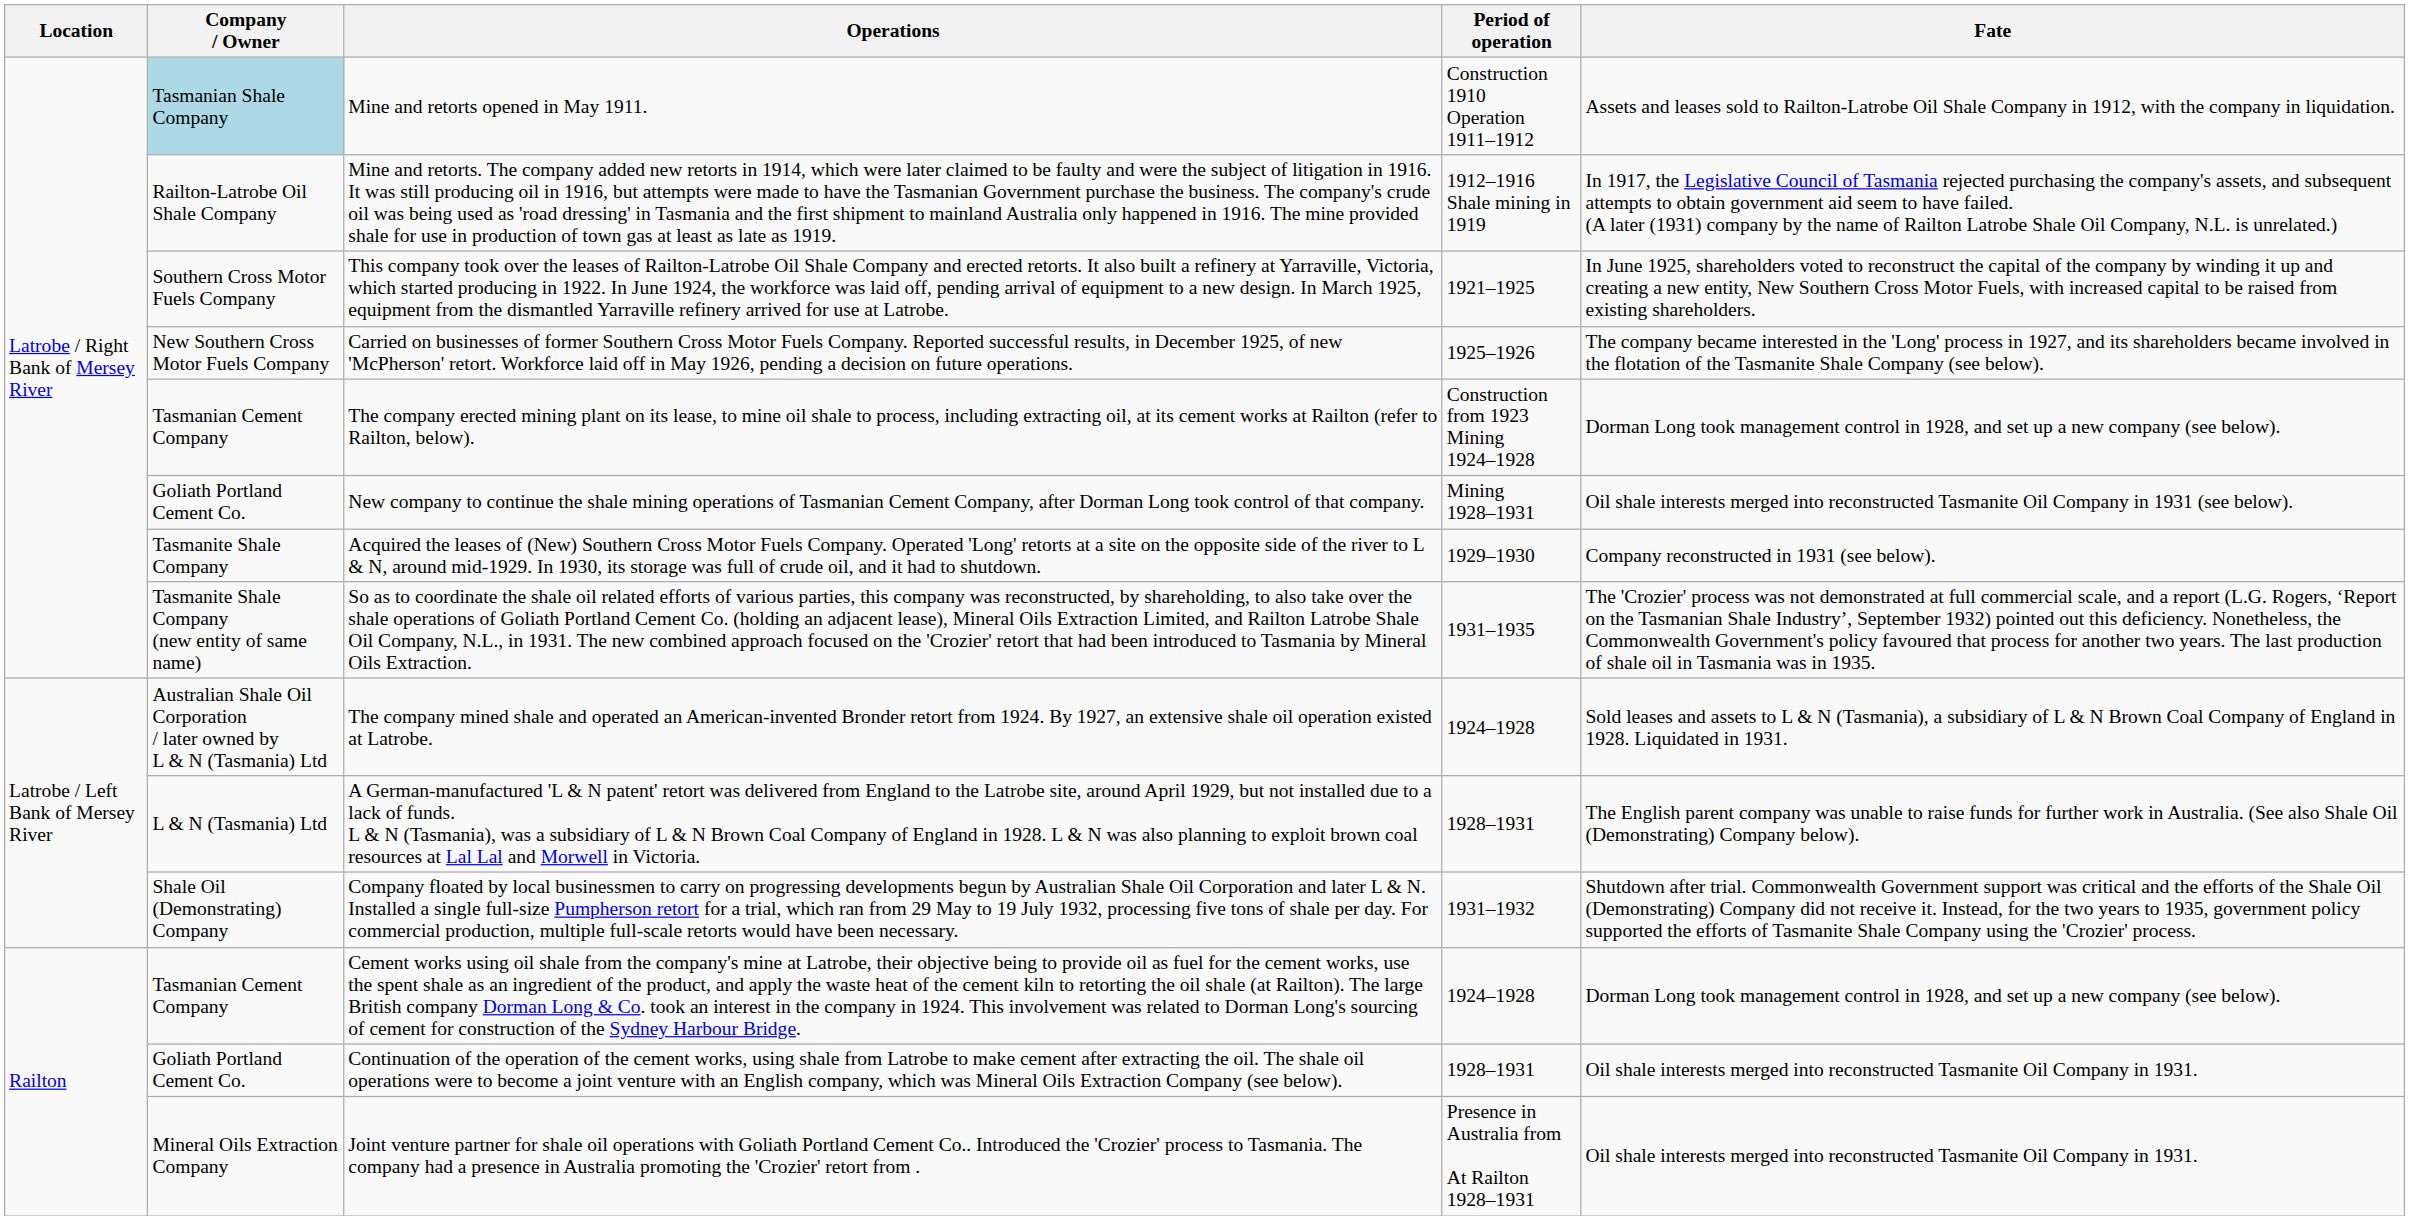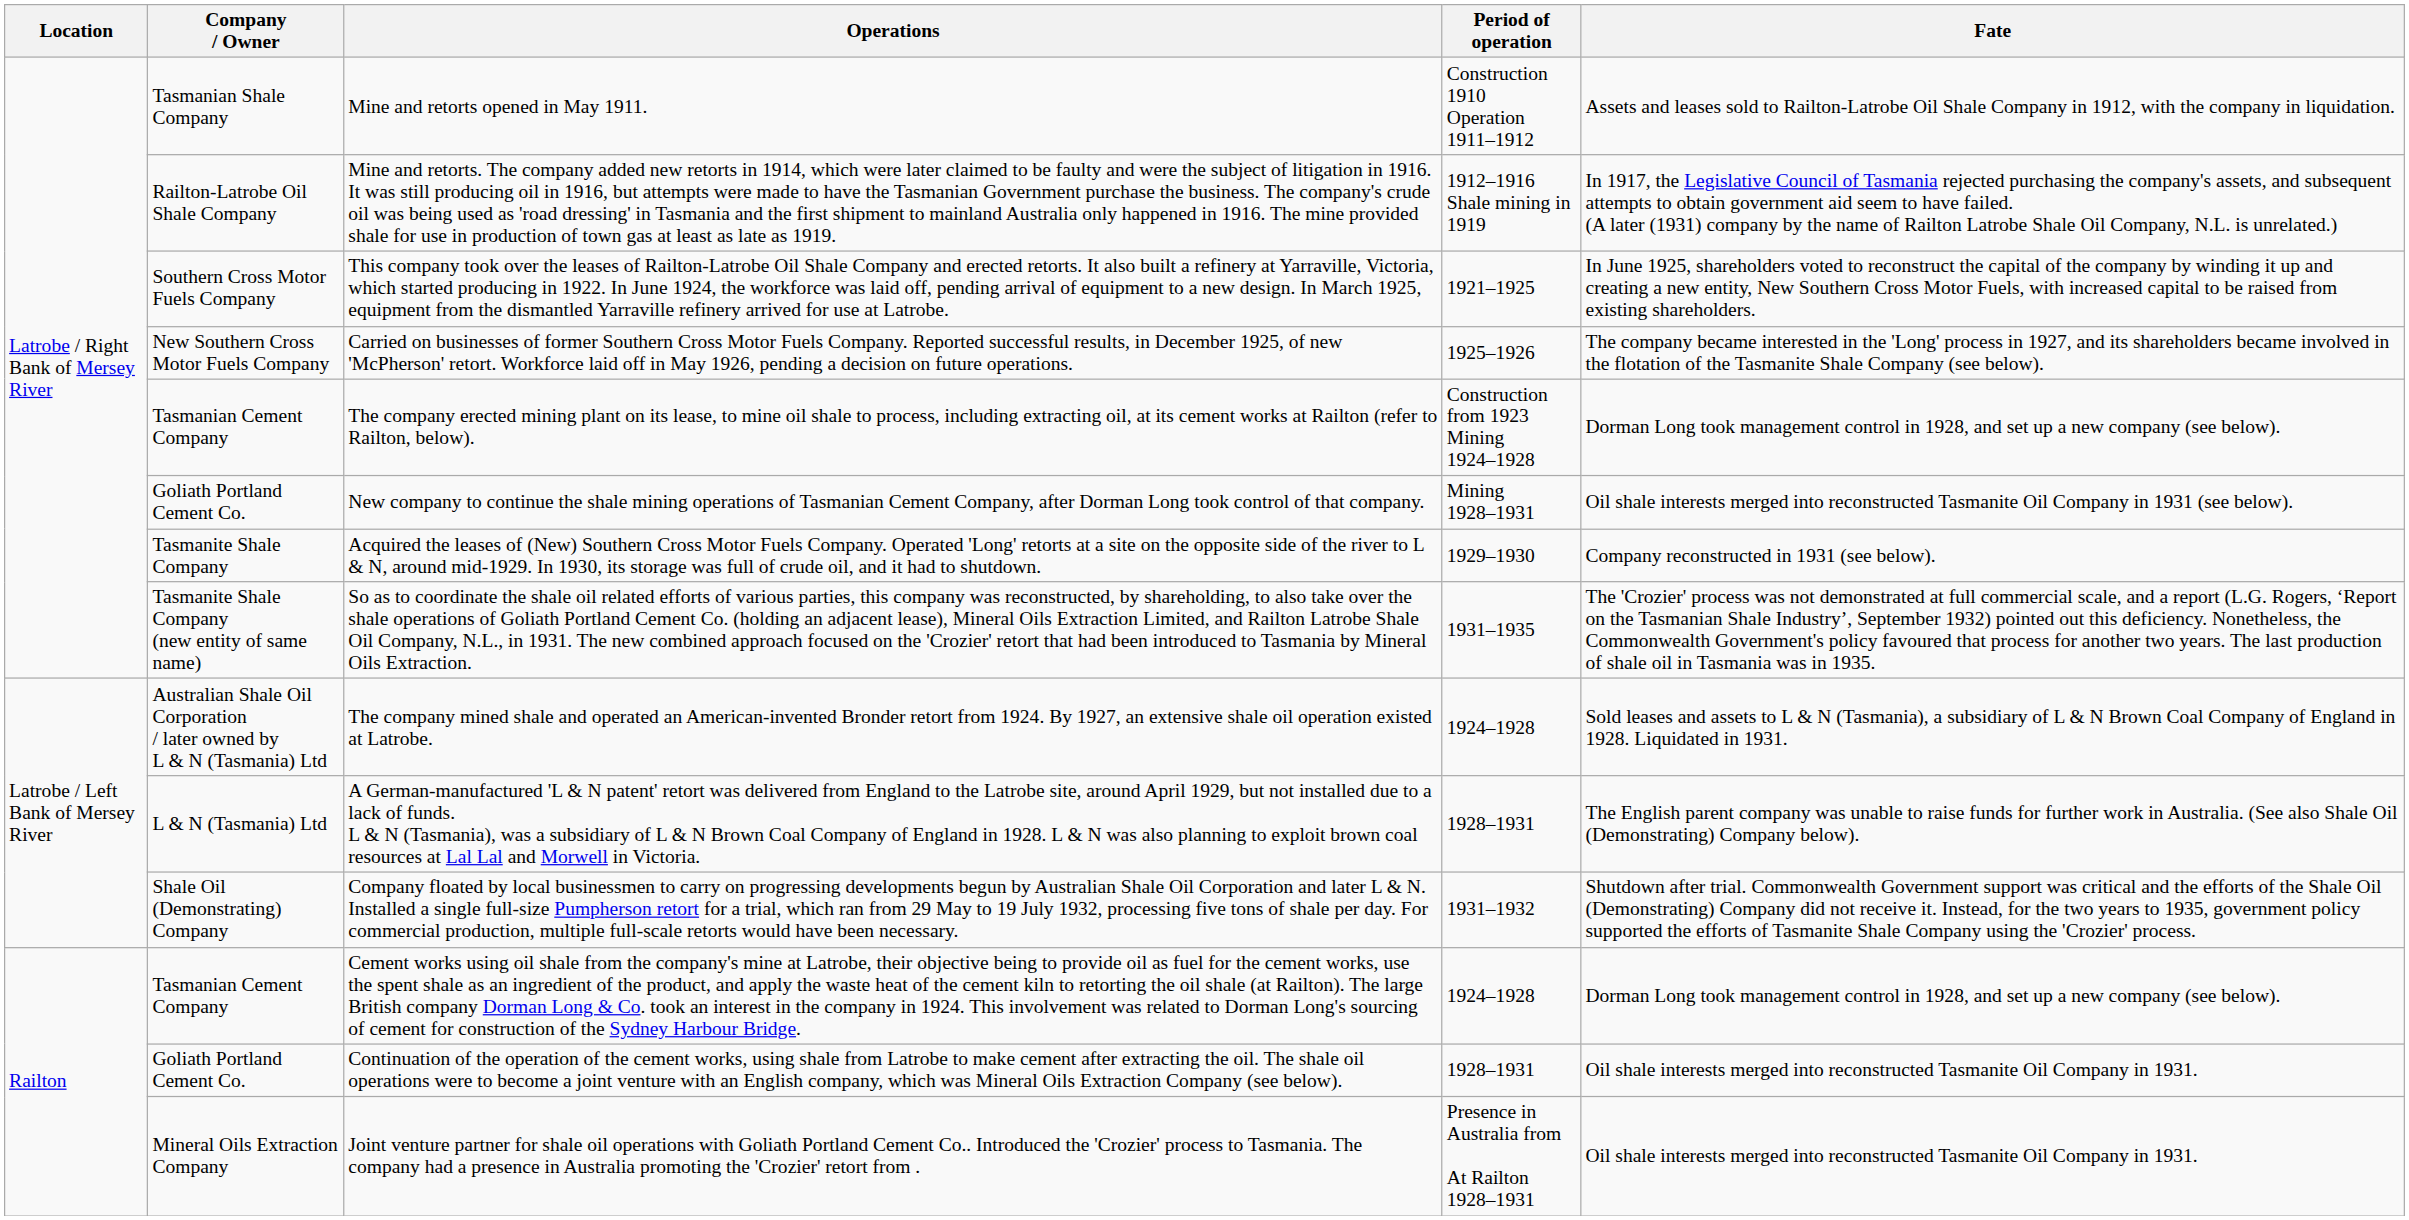 <table class="wikitable">
 <tr>
 <th>Location</th>
 <th>Company<br>/ Owner</th>
 <th>Operations</th>
 <th>Period of<br>operation</th>
 <th>Fate</th>
 </tr>
 <tr>
 <td rowspan="8"><a href='#'>Latrobe</a> / Right Bank of <a href='#'>Mersey River</a></td>
-<td style="background: lightblue;">Tasmanian Shale Company</td>
+<td>Tasmanian Shale Company</td>
 <td>Mine and retorts opened in May 1911.</td>
 <td>Construction<br>1910<br>Operation<br>1911–1912</td>
 <td>Assets and leases sold to Railton-Latrobe Oil Shale Company in 1912, with the company in liquidation.</td>
 </tr>
 <tr>
 <td>Railton-Latrobe Oil Shale Company</td>
 <td>Mine and retorts. The company added new retorts in 1914, which were later claimed to be faulty and were the subject of litigation in 1916. It was still producing oil in 1916, but attempts were made to have the Tasmanian Government purchase the business. The company's crude oil was being used as 'road dressing' in Tasmania and the first shipment to mainland Australia only happened in 1916. The mine provided shale for use in production of town gas at least as late as 1919.</td>
 <td>1912–1916<br>Shale mining in 1919</td>
 <td>In 1917, the <a href='#'>Legislative Council of Tasmania</a> rejected purchasing the company's assets, and subsequent attempts to obtain government aid seem to have failed.<br>(A later (1931) company by the name of Railton Latrobe Shale Oil Company, N.L. is unrelated.)</td>
 </tr>
 <tr>
 <td>Southern Cross Motor Fuels Company</td>
 <td>This company took over the leases of Railton-Latrobe Oil Shale Company and erected retorts. It also built a refinery at Yarraville, Victoria, which started producing in 1922. In June 1924, the workforce was laid off, pending arrival of equipment to a new design. In March 1925, equipment from the dismantled Yarraville refinery arrived for use at Latrobe.</td>
 <td>1921–1925</td>
 <td>In June 1925, shareholders voted to reconstruct the capital of the company by winding it up and creating a new entity, New Southern Cross Motor Fuels, with increased capital to be raised from existing shareholders.</td>
 </tr>
 <tr>
 <td>New Southern Cross Motor Fuels Company</td>
 <td>Carried on businesses of former Southern Cross Motor Fuels Company. Reported successful results, in December 1925, of new 'McPherson' retort. Workforce laid off in May 1926, pending a decision on future operations.</td>
 <td>1925–1926</td>
 <td>The company became interested in the 'Long' process in 1927, and its shareholders became involved in the flotation of the Tasmanite Shale Company (see below).</td>
 </tr>
 <tr>
 <td>Tasmanian Cement Company</td>
 <td>The company erected mining plant on its lease, to mine oil shale to process, including extracting oil, at its cement works at Railton (refer to Railton, below).</td>
 <td>Construction from 1923<br>Mining<br>1924–1928</td>
 <td>Dorman Long took management control in 1928, and set up a new company (see below).</td>
 </tr>
 <tr>
 <td>Goliath Portland Cement Co.</td>
 <td>New company to continue the shale mining operations of Tasmanian Cement Company, after Dorman Long took control of that company.</td>
 <td>Mining<br>1928–1931</td>
 <td>Oil shale interests merged into reconstructed Tasmanite Oil Company in 1931 (see below).</td>
 </tr>
 <tr>
 <td>Tasmanite Shale Company</td>
 <td>Acquired the leases of (New) Southern Cross Motor Fuels Company. Operated 'Long' retorts at a site on the opposite side of the river to L & N, around mid-1929. In 1930, its storage was full of crude oil, and it had to shutdown.</td>
 <td>1929–1930</td>
 <td>Company reconstructed in 1931 (see below).</td>
 </tr>
 <tr>
 <td>Tasmanite Shale Company<br>(new entity of same name)</td>
 <td>So as to coordinate the shale oil related efforts of various parties, this company was reconstructed, by shareholding, to also take over the shale operations of Goliath Portland Cement Co. (holding an adjacent lease), Mineral Oils Extraction Limited, and Railton Latrobe Shale Oil Company, N.L., in 1931. The new combined approach focused on the 'Crozier' retort that had been introduced to Tasmania by Mineral Oils Extraction.</td>
 <td>1931–1935</td>
 <td>The 'Crozier' process was not demonstrated at full commercial scale, and a report (L.G. Rogers, ‘Report on the Tasmanian Shale Industry’, September 1932) pointed out this deficiency. Nonetheless, the Commonwealth Government's policy favoured that process for another two years. The last production of shale oil in Tasmania was in 1935.</td>
 </tr>
 <tr>
 <td rowspan="3">Latrobe / Left Bank of Mersey River</td>
 <td>Australian Shale Oil Corporation<br>/ later owned by<br>L & N (Tasmania) Ltd</td>
 <td>The company mined shale and operated an American-invented Bronder retort from 1924. By 1927, an extensive shale oil operation existed at Latrobe.</td>
 <td>1924–1928</td>
 <td>Sold leases and assets to L & N (Tasmania), a subsidiary of L & N Brown Coal Company of England in 1928. Liquidated in 1931.</td>
 </tr>
 <tr>
 <td>L & N (Tasmania) Ltd</td>
 <td>A German-manufactured 'L & N patent' retort was delivered from England to the Latrobe site, around April 1929, but not installed due to a lack of funds.<br>L & N (Tasmania), was a subsidiary of L & N Brown Coal Company of England in 1928. L & N was also planning to exploit brown coal resources at <a href='#'>Lal Lal</a> and <a href='#'>Morwell</a> in Victoria.</td>
 <td>1928–1931</td>
 <td>The English parent company was unable to raise funds for further work in Australia. (See also Shale Oil (Demonstrating) Company below).</td>
 </tr>
 <tr>
 <td>Shale Oil (Demonstrating) Company</td>
 <td>Company floated by local businessmen to carry on progressing developments begun by Australian Shale Oil Corporation and later L & N. Installed a single full-size <a href='#'>Pumpherson retort</a> for a trial, which ran from 29 May to 19 July 1932, processing five tons of shale per day. For commercial production, multiple full-scale retorts would have been  necessary.</td>
 <td>1931–1932</td>
 <td>Shutdown after trial. Commonwealth Government support was critical and the efforts of the Shale Oil (Demonstrating) Company did not receive it. Instead, for the two years to 1935, government policy supported the efforts of Tasmanite Shale Company using the 'Crozier' process.</td>
 </tr>
 <tr>
 <td rowspan="3"><a href='#'>Railton</a></td>
 <td>Tasmanian Cement Company</td>
 <td>Cement works using oil shale from the company's mine at Latrobe, their objective being to provide oil as fuel for the cement works, use the spent shale as an ingredient of the product, and apply the waste heat of the cement kiln to retorting the oil shale (at Railton). The large British company <a href='#'>Dorman Long & Co</a>. took an interest in the company in 1924. This involvement was related to Dorman Long's sourcing of cement for construction of the <a href='#'>Sydney Harbour Bridge</a>.</td>
 <td>1924–1928</td>
 <td>Dorman Long took management control in 1928, and set up a new company (see below).</td>
 </tr>
 <tr>
 <td>Goliath Portland Cement Co.</td>
 <td>Continuation of the operation of the cement works, using shale from Latrobe to make cement after extracting the oil. The shale oil operations were to become a joint venture with an English company, which was Mineral Oils Extraction Company (see below).</td>
 <td>1928–1931</td>
 <td>Oil shale interests merged into reconstructed Tasmanite Oil Company in 1931.</td>
 </tr>
 <tr>
 <td>Mineral Oils Extraction Company</td>
 <td>Joint venture partner for shale oil operations with Goliath Portland Cement Co.. Introduced the 'Crozier' process to Tasmania. The company had a presence in Australia promoting the 'Crozier' retort from .</td>
 <td>Presence in Australia from<br><br>At  Railton 1928–1931</td>
 <td>Oil shale interests merged into reconstructed Tasmanite Oil Company in 1931.</td>
 </tr>
 </table>
